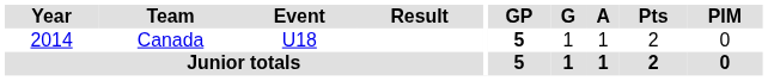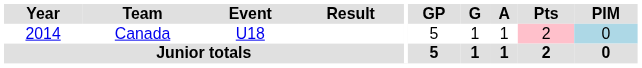 <table border="0" cellpadding="1" cellspacing="0" ID="Table3" style="text-align:center; width:40em">
 <tr ALIGN="center" bgcolor="#e0e0e0">
 <th>Year</th>
 <th>Team</th>
 <th>Event</th>
 <th>Result</th>
 <th rowspan="99" bgcolor="#ffffff"></th>
 <th>GP</th>
 <th>G</th>
 <th>A</th>
 <th>Pts</th>
 <th>PIM</th>
 </tr>
 <tr>
 <td><a href='#'>2014</a></td>
 <td><a href='#'>Canada</a></td>
 <td><a href='#'>U18</a></td>
 <td></td>
-<td><strong>5</strong></td>
+<td>5</td>
 <td>1</td>
 <td>1</td>
-<td>2</td>
-<td>0</td>
+<td style="background: pink;">2</td>
+<td style="background: lightblue;">0</td>
 </tr>
 <tr bgcolor="#e0e0e0">
 <th colspan="4">Junior totals</th>
 <th>5</th>
 <th>1</th>
 <th>1</th>
 <th>2</th>
 <th>0</th>
 </tr>
 </table>
